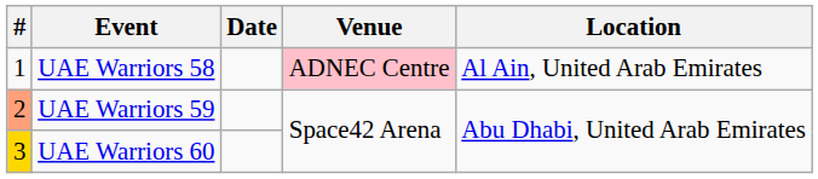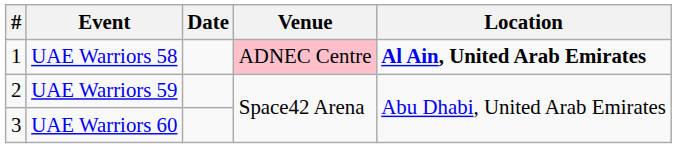 <table class="sortable wikitable succession-box" style="margin:1.0em auto; font-size:90%;">
 <tr>
 <th scope="col">#</th>
 <th scope="col">Event</th>
 <th scope="col">Date</th>
 <th scope="col">Venue</th>
 <th scope="col">Location</th>
 </tr>
 <tr>
 <td align=center>1</td>
 <td><a href='#'>UAE Warriors 58</a></td>
 <td></td>
 <td style="background: pink;">ADNEC Centre</td>
-<td><a href='#'>Al Ain</a>, United Arab Emirates</td>
+<td><strong><a href='#'>Al Ain</a>, United Arab Emirates</strong></td>
 </tr>
 <tr>
-<td align=center style="background: lightsalmon;">2</td>
+<td align=center>2</td>
 <td><a href='#'>UAE Warriors 59</a></td>
 <td></td>
 <td rowspan=2>Space42 Arena</td>
 <td rowspan=2><a href='#'>Abu Dhabi</a>, United Arab Emirates</td>
 </tr>
 <tr>
-<td align=center style="background: gold;">3</td>
+<td align=center>3</td>
 <td><a href='#'>UAE Warriors 60</a></td>
 <td></td>
 </tr>
 </table>
